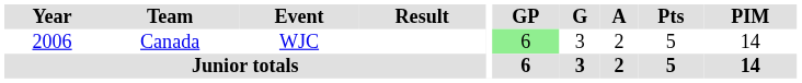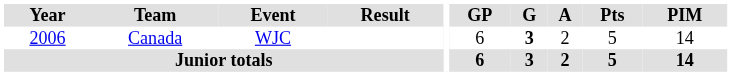 <table border="0" cellpadding="1" cellspacing="0" ID="Table3" style="text-align:center; width:40em">
 <tr ALIGN="center" bgcolor="#e0e0e0">
 <th>Year</th>
 <th>Team</th>
 <th>Event</th>
 <th>Result</th>
 <th rowspan="99" bgcolor="#ffffff"></th>
 <th>GP</th>
 <th>G</th>
 <th>A</th>
 <th>Pts</th>
 <th>PIM</th>
 </tr>
 <tr>
 <td><a href='#'>2006</a></td>
 <td><a href='#'>Canada</a></td>
 <td><a href='#'>WJC</a></td>
 <td></td>
-<td style="background: lightgreen;">6</td>
-<td>3</td>
+<td>6</td>
+<td><strong>3</strong></td>
 <td>2</td>
 <td>5</td>
 <td>14</td>
 </tr>
 <tr bgcolor="#e0e0e0">
 <th colspan="4">Junior totals</th>
 <th>6</th>
 <th>3</th>
 <th>2</th>
 <th>5</th>
 <th>14</th>
 </tr>
 </table>
